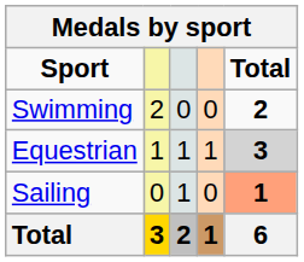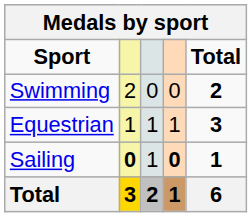 <table class="wikitable" style="text-align:center;font-size:90%">
 <tr style="background:#efefef;">
 <th colspan=7><strong>Medals by sport</strong></th>
 </tr>
 <tr>
 <td><strong>Sport</strong></td>
 <td bgcolor=#f7f6a8></td>
 <td bgcolor=#dce5e5></td>
 <td bgcolor=#ffdab9></td>
 <td><strong>Total</strong></td>
 </tr>
 <tr>
 <td style="text-align:left;"><a href='#'>Swimming</a></td>
 <td style="background:#F7F6A8;">2</td>
 <td style="background:#DCE5E5;">0</td>
 <td style="background:#FFDAB9;">0</td>
 <td><strong>2</strong></td>
 </tr>
 <tr>
 <td style="text-align:left;"><a href='#'>Equestrian</a></td>
 <td style="background:#F7F6A8;">1</td>
 <td style="background:#DCE5E5;">1</td>
 <td style="background:#FFDAB9;">1</td>
-<td style="background: lightgrey;"><strong>3</strong></td>
+<td><strong>3</strong></td>
 </tr>
 <tr>
 <td style="text-align:left;"><a href='#'>Sailing</a></td>
-<td style="background:#F7F6A8;">0</td>
+<td style="background:#F7F6A8;"><strong>0</strong></td>
 <td style="background:#DCE5E5;">1</td>
-<td style="background:#FFDAB9;">0</td>
-<td style="background: lightsalmon;"><strong>1</strong></td>
+<td style="background:#FFDAB9;"><strong>0</strong></td>
+<td><strong>1</strong></td>
 </tr>
 <tr>
 <th style="text-align:left;"><strong>Total</strong></th>
 <th style="background:gold;"><strong>3</strong></th>
 <th style="background:silver;"><strong>2</strong></th>
 <th style="background:#c96;"><strong>1</strong></th>
 <th><strong>6</strong></th>
 </tr>
 </table>
